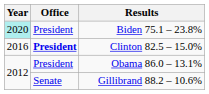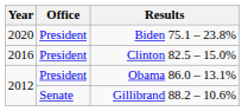 <table class=wikitable>
 <tr>
 <th width="30">Year</th>
 <th width="60">Office</th>
 <th width="180">Results</th>
 </tr>
 <tr>
-<td style="background: paleturquoise;">2020</td>
+<td>2020</td>
 <td><a href='#'>President</a></td>
 <td align="right" ><a href='#'>Biden</a> 75.1 – 23.8%</td>
 </tr>
 <tr>
 <td>2016</td>
-<td><strong><a href='#'>President</a></strong></td>
+<td><a href='#'>President</a></td>
 <td align="right" ><a href='#'>Clinton</a> 82.5 – 15.0%</td>
 </tr>
 <tr>
 <td rowspan="2">2012</td>
 <td><a href='#'>President</a></td>
 <td align="right" ><a href='#'>Obama</a> 86.0 – 13.1%</td>
 </tr>
 <tr>
 <td><a href='#'>Senate</a></td>
 <td align="right" ><a href='#'>Gillibrand</a> 88.2 – 10.6%</td>
 </tr>
 </table>
